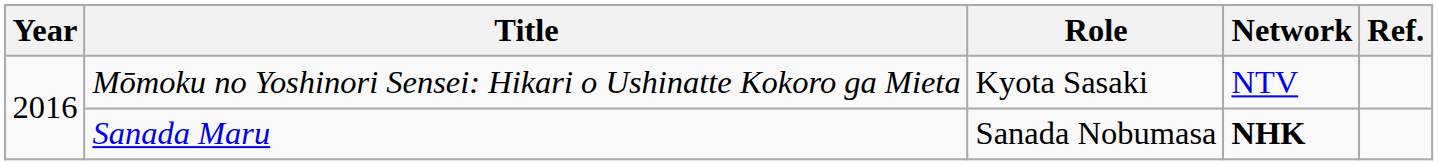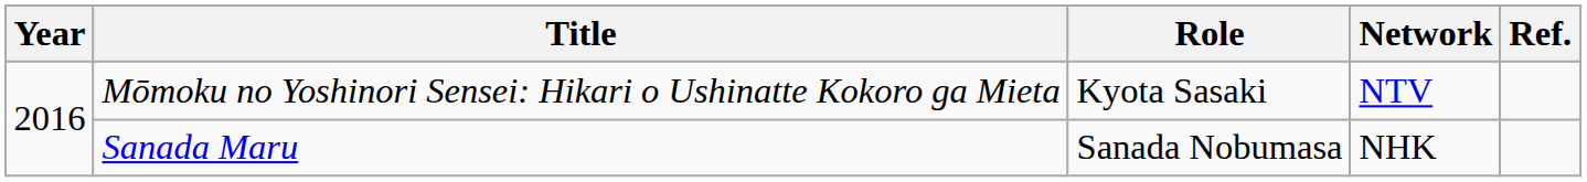 <table class="wikitable">
 <tr>
 <th>Year</th>
 <th>Title</th>
 <th>Role</th>
 <th>Network</th>
 <th>Ref.</th>
 </tr>
 <tr>
 <td rowspan="2">2016</td>
 <td><em>Mōmoku no Yoshinori Sensei: Hikari o Ushinatte Kokoro ga Mieta</em></td>
 <td>Kyota Sasaki</td>
 <td><a href='#'>NTV</a></td>
 <td></td>
 </tr>
 <tr>
 <td><em><a href='#'>Sanada Maru</a></em></td>
 <td>Sanada Nobumasa</td>
-<td><strong>NHK</strong></td>
+<td>NHK</td>
 <td></td>
 </tr>
 </table>
